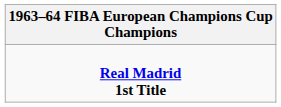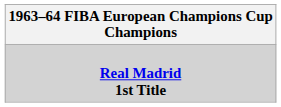 <table class=wikitable style="text-align:center; margin:auto">
 <tr>
 <th>1963–64 FIBA European Champions Cup<br>Champions</th>
 </tr>
 <tr>
-<td> <br> <strong><a href='#'>Real Madrid</a></strong> <br> <strong>1st Title</strong></td>
+<td style="background: lightgrey;"> <br> <strong><a href='#'>Real Madrid</a></strong> <br> <strong>1st Title</strong></td>
 </tr>
 </table>
